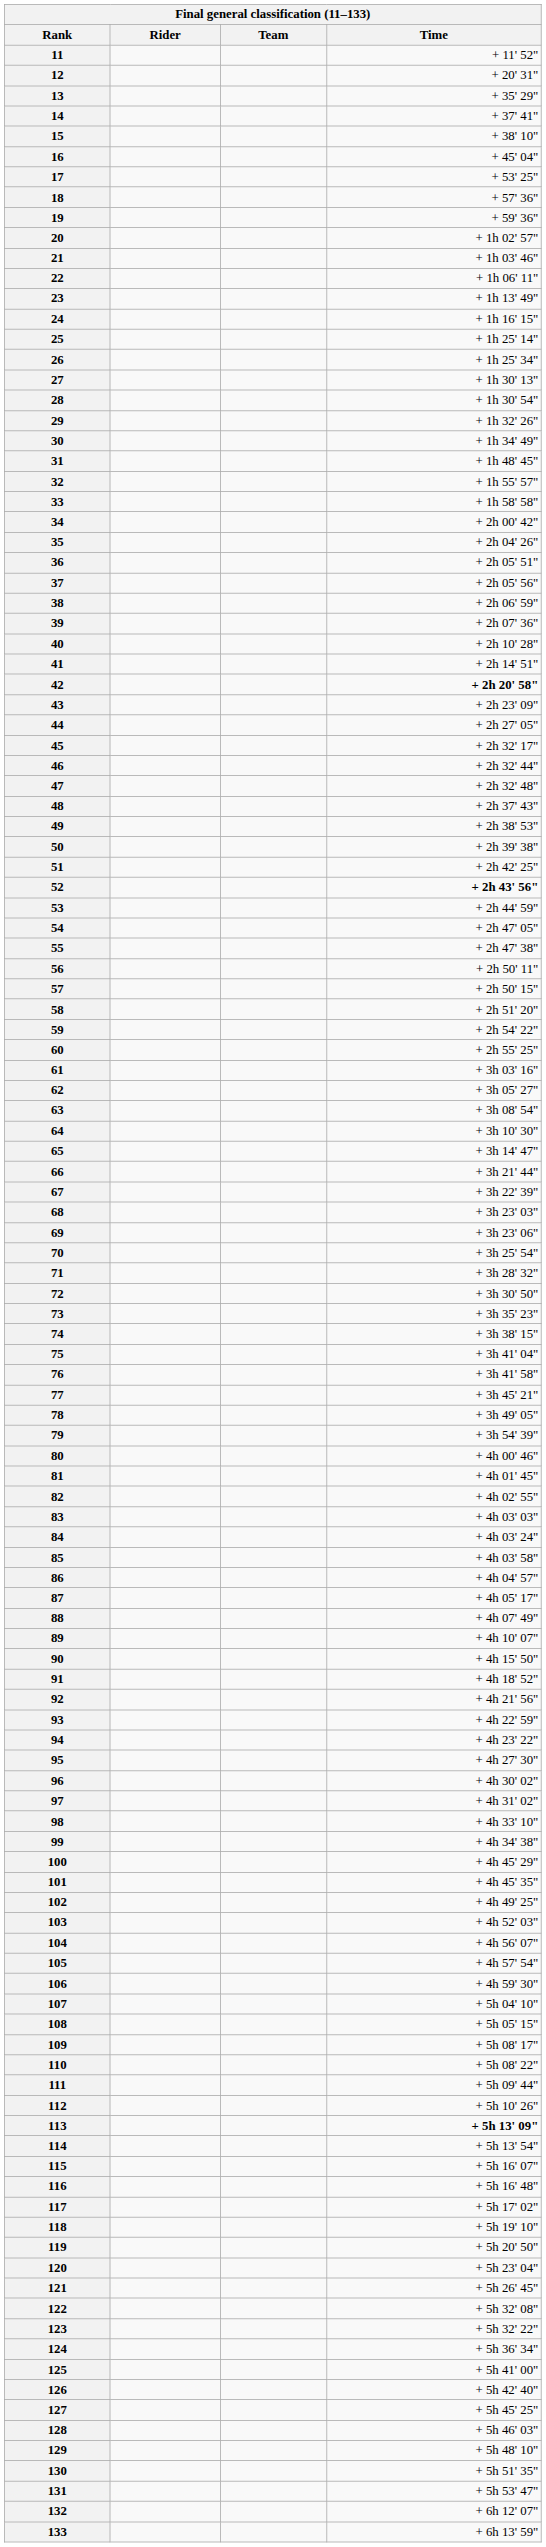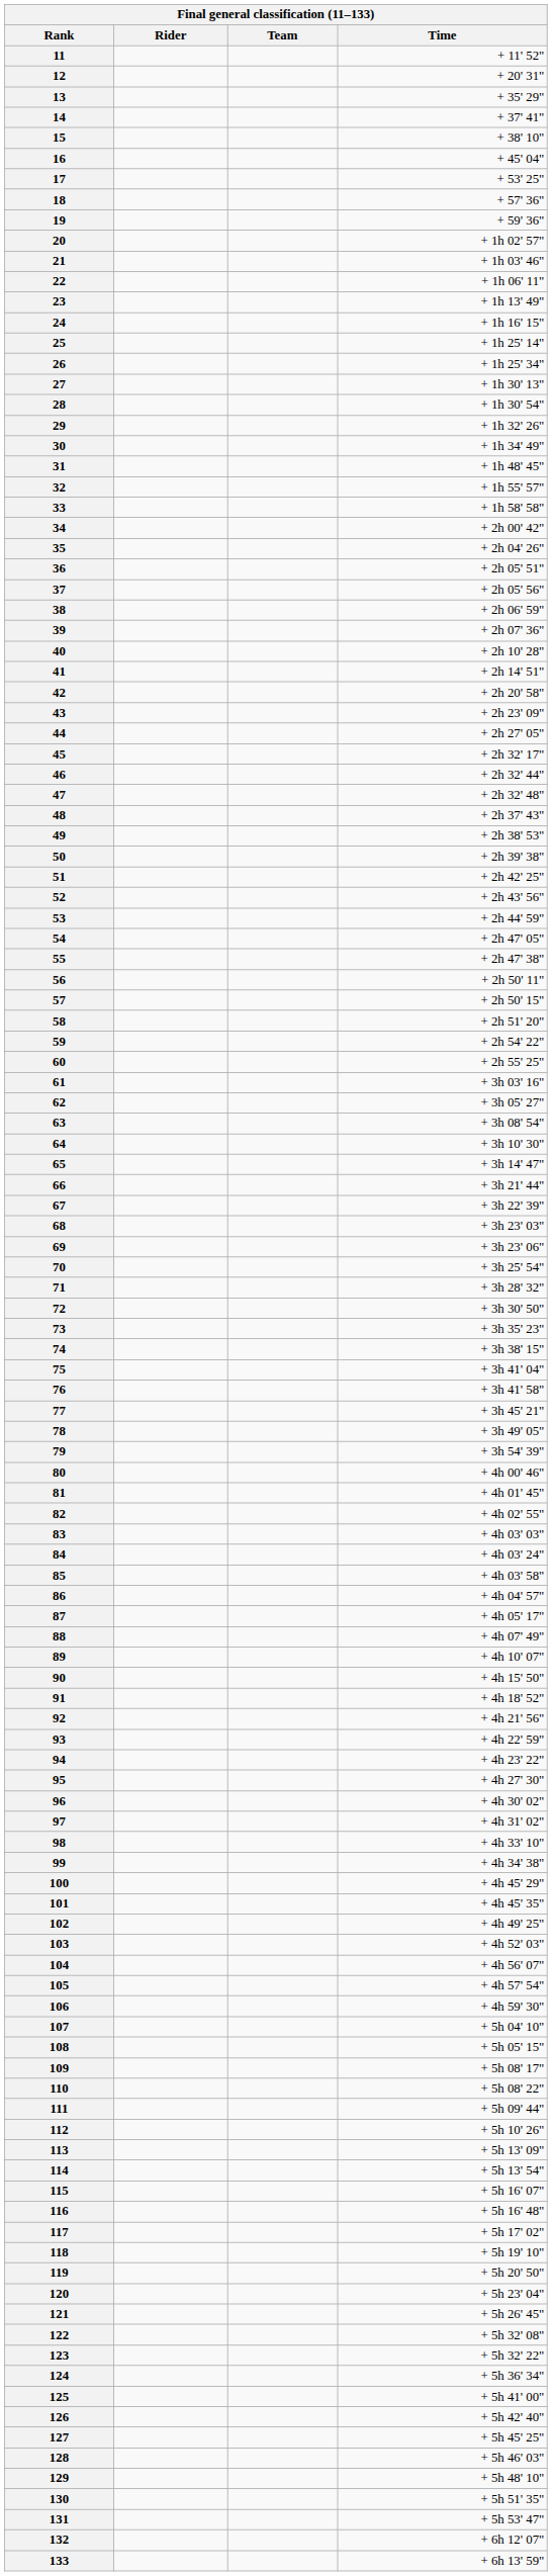 <table class="collapsible collapsed wikitable" style="width:42em;margin-top:-1px;">
 <tr>
 <th scope="col" colspan="4">Final general classification (11–133)</th>
 </tr>
 <tr>
 <th scope="col">Rank</th>
 <th scope="col">Rider</th>
 <th scope="col">Team</th>
 <th scope="col">Time</th>
 </tr>
 <tr>
 <th scope="row">11</th>
 <td></td>
 <td></td>
 <td style="text-align:right;">+ 11' 52"</td>
 </tr>
 <tr>
 <th scope="row">12</th>
 <td></td>
 <td></td>
 <td style="text-align:right;">+ 20' 31"</td>
 </tr>
 <tr>
 <th scope="row">13</th>
 <td></td>
 <td></td>
 <td style="text-align:right;">+ 35' 29"</td>
 </tr>
 <tr>
 <th scope="row">14</th>
 <td></td>
 <td></td>
 <td style="text-align:right;">+ 37' 41"</td>
 </tr>
 <tr>
 <th scope="row">15</th>
 <td></td>
 <td></td>
 <td style="text-align:right;">+ 38' 10"</td>
 </tr>
 <tr>
 <th scope="row">16</th>
 <td></td>
 <td></td>
 <td style="text-align:right;">+ 45' 04"</td>
 </tr>
 <tr>
 <th scope="row">17</th>
 <td></td>
 <td></td>
 <td style="text-align:right;">+ 53' 25"</td>
 </tr>
 <tr>
 <th scope="row">18</th>
 <td></td>
 <td></td>
 <td style="text-align:right;">+ 57' 36"</td>
 </tr>
 <tr>
 <th scope="row">19</th>
 <td></td>
 <td></td>
 <td style="text-align:right;">+ 59' 36"</td>
 </tr>
 <tr>
 <th scope="row">20</th>
 <td></td>
 <td></td>
 <td style="text-align:right;">+ 1h 02' 57"</td>
 </tr>
 <tr>
 <th scope="row">21</th>
 <td></td>
 <td></td>
 <td style="text-align:right;">+ 1h 03' 46"</td>
 </tr>
 <tr>
 <th scope="row">22</th>
 <td></td>
 <td></td>
 <td style="text-align:right;">+ 1h 06' 11"</td>
 </tr>
 <tr>
 <th scope="row">23</th>
 <td></td>
 <td></td>
 <td style="text-align:right;">+ 1h 13' 49"</td>
 </tr>
 <tr>
 <th scope="row">24</th>
 <td></td>
 <td></td>
 <td style="text-align:right;">+ 1h 16' 15"</td>
 </tr>
 <tr>
 <th scope="row">25</th>
 <td></td>
 <td></td>
 <td style="text-align:right;">+ 1h 25' 14"</td>
 </tr>
 <tr>
 <th scope="row">26</th>
 <td></td>
 <td></td>
 <td style="text-align:right;">+ 1h 25' 34"</td>
 </tr>
 <tr>
 <th scope="row">27</th>
 <td></td>
 <td></td>
 <td style="text-align:right;">+ 1h 30' 13"</td>
 </tr>
 <tr>
 <th scope="row">28</th>
 <td></td>
 <td></td>
 <td style="text-align:right;">+ 1h 30' 54"</td>
 </tr>
 <tr>
 <th scope="row">29</th>
 <td></td>
 <td></td>
 <td style="text-align:right;">+ 1h 32' 26"</td>
 </tr>
 <tr>
 <th scope="row">30</th>
 <td></td>
 <td></td>
 <td style="text-align:right;">+ 1h 34' 49"</td>
 </tr>
 <tr>
 <th scope="row">31</th>
 <td></td>
 <td></td>
 <td style="text-align:right;">+ 1h 48' 45"</td>
 </tr>
 <tr>
 <th scope="row">32</th>
 <td></td>
 <td></td>
 <td style="text-align:right;">+ 1h 55' 57"</td>
 </tr>
 <tr>
 <th scope="row">33</th>
 <td> </td>
 <td></td>
 <td style="text-align:right;">+ 1h 58' 58"</td>
 </tr>
 <tr>
 <th scope="row">34</th>
 <td></td>
 <td></td>
 <td style="text-align:right;">+ 2h 00' 42"</td>
 </tr>
 <tr>
 <th scope="row">35</th>
 <td></td>
 <td></td>
 <td style="text-align:right;">+ 2h 04' 26"</td>
 </tr>
 <tr>
 <th scope="row">36</th>
 <td></td>
 <td></td>
 <td style="text-align:right;">+ 2h 05' 51"</td>
 </tr>
 <tr>
 <th scope="row">37</th>
 <td></td>
 <td></td>
 <td style="text-align:right;">+ 2h 05' 56"</td>
 </tr>
 <tr>
 <th scope="row">38</th>
 <td></td>
 <td></td>
 <td style="text-align:right;">+ 2h 06' 59"</td>
 </tr>
 <tr>
 <th scope="row">39</th>
 <td></td>
 <td></td>
 <td style="text-align:right;">+ 2h 07' 36"</td>
 </tr>
 <tr>
 <th scope="row">40</th>
 <td></td>
 <td></td>
 <td style="text-align:right;">+ 2h 10' 28"</td>
 </tr>
 <tr>
 <th scope="row">41</th>
 <td></td>
 <td></td>
 <td style="text-align:right;">+ 2h 14' 51"</td>
 </tr>
 <tr>
 <th scope="row">42</th>
 <td></td>
 <td></td>
-<td style="text-align:right;"><strong>+ 2h 20' 58"</strong></td>
+<td style="text-align:right;">+ 2h 20' 58"</td>
 </tr>
 <tr>
 <th scope="row">43</th>
 <td></td>
 <td></td>
 <td style="text-align:right;">+ 2h 23' 09"</td>
 </tr>
 <tr>
 <th scope="row">44</th>
 <td></td>
 <td></td>
 <td style="text-align:right;">+ 2h 27' 05"</td>
 </tr>
 <tr>
 <th scope="row">45</th>
 <td></td>
 <td></td>
 <td style="text-align:right;">+ 2h 32' 17"</td>
 </tr>
 <tr>
 <th scope="row">46</th>
 <td></td>
 <td></td>
 <td style="text-align:right;">+ 2h 32' 44"</td>
 </tr>
 <tr>
 <th scope="row">47</th>
 <td></td>
 <td></td>
 <td style="text-align:right;">+ 2h 32' 48"</td>
 </tr>
 <tr>
 <th scope="row">48</th>
 <td></td>
 <td></td>
 <td style="text-align:right;">+ 2h 37' 43"</td>
 </tr>
 <tr>
 <th scope="row">49</th>
 <td></td>
 <td></td>
 <td style="text-align:right;">+ 2h 38' 53"</td>
 </tr>
 <tr>
 <th scope="row">50</th>
 <td></td>
 <td></td>
 <td style="text-align:right;">+ 2h 39' 38"</td>
 </tr>
 <tr>
 <th scope="row">51</th>
 <td></td>
 <td></td>
 <td style="text-align:right;">+ 2h 42' 25"</td>
 </tr>
 <tr>
 <th scope="row">52</th>
 <td></td>
 <td></td>
-<td style="text-align:right;"><strong>+ 2h 43' 56"</strong></td>
+<td style="text-align:right;">+ 2h 43' 56"</td>
 </tr>
 <tr>
 <th scope="row">53</th>
 <td></td>
 <td></td>
 <td style="text-align:right;">+ 2h 44' 59"</td>
 </tr>
 <tr>
 <th scope="row">54</th>
 <td></td>
 <td></td>
 <td style="text-align:right;">+ 2h 47' 05"</td>
 </tr>
 <tr>
 <th scope="row">55</th>
 <td></td>
 <td></td>
 <td style="text-align:right;">+ 2h 47' 38"</td>
 </tr>
 <tr>
 <th scope="row">56</th>
 <td></td>
 <td></td>
 <td style="text-align:right;">+ 2h 50' 11"</td>
 </tr>
 <tr>
 <th scope="row">57</th>
 <td></td>
 <td></td>
 <td style="text-align:right;">+ 2h 50' 15"</td>
 </tr>
 <tr>
 <th scope="row">58</th>
 <td></td>
 <td></td>
 <td style="text-align:right;">+ 2h 51' 20"</td>
 </tr>
 <tr>
 <th scope="row">59</th>
 <td></td>
 <td></td>
 <td style="text-align:right;">+ 2h 54' 22"</td>
 </tr>
 <tr>
 <th scope="row">60</th>
 <td></td>
 <td></td>
 <td style="text-align:right;">+ 2h 55' 25"</td>
 </tr>
 <tr>
 <th scope="row">61</th>
 <td></td>
 <td></td>
 <td style="text-align:right;">+ 3h 03' 16"</td>
 </tr>
 <tr>
 <th scope="row">62</th>
 <td></td>
 <td></td>
 <td style="text-align:right;">+ 3h 05' 27"</td>
 </tr>
 <tr>
 <th scope="row">63</th>
 <td></td>
 <td></td>
 <td style="text-align:right;">+ 3h 08' 54"</td>
 </tr>
 <tr>
 <th scope="row">64</th>
 <td></td>
 <td></td>
 <td style="text-align:right;">+ 3h 10' 30"</td>
 </tr>
 <tr>
 <th scope="row">65</th>
 <td></td>
 <td></td>
 <td style="text-align:right;">+ 3h 14' 47"</td>
 </tr>
 <tr>
 <th scope="row">66</th>
 <td></td>
 <td></td>
 <td style="text-align:right;">+ 3h 21' 44"</td>
 </tr>
 <tr>
 <th scope="row">67</th>
 <td></td>
 <td></td>
 <td style="text-align:right;">+ 3h 22' 39"</td>
 </tr>
 <tr>
 <th scope="row">68</th>
 <td></td>
 <td></td>
 <td style="text-align:right;">+ 3h 23' 03"</td>
 </tr>
 <tr>
 <th scope="row">69</th>
 <td></td>
 <td></td>
 <td style="text-align:right;">+ 3h 23' 06"</td>
 </tr>
 <tr>
 <th scope="row">70</th>
 <td></td>
 <td></td>
 <td style="text-align:right;">+ 3h 25' 54"</td>
 </tr>
 <tr>
 <th scope="row">71</th>
 <td></td>
 <td></td>
 <td style="text-align:right;">+ 3h 28' 32"</td>
 </tr>
 <tr>
 <th scope="row">72</th>
 <td></td>
 <td></td>
 <td style="text-align:right;">+ 3h 30' 50"</td>
 </tr>
 <tr>
 <th scope="row">73</th>
 <td></td>
 <td></td>
 <td style="text-align:right;">+ 3h 35' 23"</td>
 </tr>
 <tr>
 <th scope="row">74</th>
 <td></td>
 <td></td>
 <td style="text-align:right;">+ 3h 38' 15"</td>
 </tr>
 <tr>
 <th scope="row">75</th>
 <td></td>
 <td></td>
 <td style="text-align:right;">+ 3h 41' 04"</td>
 </tr>
 <tr>
 <th scope="row">76</th>
 <td></td>
 <td></td>
 <td style="text-align:right;">+ 3h 41' 58"</td>
 </tr>
 <tr>
 <th scope="row">77</th>
 <td></td>
 <td></td>
 <td style="text-align:right;">+ 3h 45' 21"</td>
 </tr>
 <tr>
 <th scope="row">78</th>
 <td></td>
 <td></td>
 <td style="text-align:right;">+ 3h 49' 05"</td>
 </tr>
 <tr>
 <th scope="row">79</th>
 <td></td>
 <td></td>
 <td style="text-align:right;">+ 3h 54' 39"</td>
 </tr>
 <tr>
 <th scope="row">80</th>
 <td></td>
 <td></td>
 <td style="text-align:right;">+ 4h 00' 46"</td>
 </tr>
 <tr>
 <th scope="row">81</th>
 <td></td>
 <td></td>
 <td style="text-align:right;">+ 4h 01' 45"</td>
 </tr>
 <tr>
 <th scope="row">82</th>
 <td></td>
 <td></td>
 <td style="text-align:right;">+ 4h 02' 55"</td>
 </tr>
 <tr>
 <th scope="row">83</th>
 <td></td>
 <td></td>
 <td style="text-align:right;">+ 4h 03' 03"</td>
 </tr>
 <tr>
 <th scope="row">84</th>
 <td></td>
 <td></td>
 <td style="text-align:right;">+ 4h 03' 24"</td>
 </tr>
 <tr>
 <th scope="row">85</th>
 <td></td>
 <td></td>
 <td style="text-align:right;">+ 4h 03' 58"</td>
 </tr>
 <tr>
 <th scope="row">86</th>
 <td></td>
 <td></td>
 <td style="text-align:right;">+ 4h 04' 57"</td>
 </tr>
 <tr>
 <th scope="row">87</th>
 <td></td>
 <td></td>
 <td style="text-align:right;">+ 4h 05' 17"</td>
 </tr>
 <tr>
 <th scope="row">88</th>
 <td></td>
 <td></td>
 <td style="text-align:right;">+ 4h 07' 49"</td>
 </tr>
 <tr>
 <th scope="row">89</th>
 <td></td>
 <td></td>
 <td style="text-align:right;">+ 4h 10' 07"</td>
 </tr>
 <tr>
 <th scope="row">90</th>
 <td></td>
 <td></td>
 <td style="text-align:right;">+ 4h 15' 50"</td>
 </tr>
 <tr>
 <th scope="row">91</th>
 <td></td>
 <td></td>
 <td style="text-align:right;">+ 4h 18' 52"</td>
 </tr>
 <tr>
 <th scope="row">92</th>
 <td></td>
 <td></td>
 <td style="text-align:right;">+ 4h 21' 56"</td>
 </tr>
 <tr>
 <th scope="row">93</th>
 <td></td>
 <td></td>
 <td style="text-align:right;">+ 4h 22' 59"</td>
 </tr>
 <tr>
 <th scope="row">94</th>
 <td></td>
 <td></td>
 <td style="text-align:right;">+ 4h 23' 22"</td>
 </tr>
 <tr>
 <th scope="row">95</th>
 <td></td>
 <td></td>
 <td style="text-align:right;">+ 4h 27' 30"</td>
 </tr>
 <tr>
 <th scope="row">96</th>
 <td></td>
 <td></td>
 <td style="text-align:right;">+ 4h 30' 02"</td>
 </tr>
 <tr>
 <th scope="row">97</th>
 <td></td>
 <td></td>
 <td style="text-align:right;">+ 4h 31' 02"</td>
 </tr>
 <tr>
 <th scope="row">98</th>
 <td></td>
 <td></td>
 <td style="text-align:right;">+ 4h 33' 10"</td>
 </tr>
 <tr>
 <th scope="row">99</th>
 <td></td>
 <td></td>
 <td style="text-align:right;">+ 4h 34' 38"</td>
 </tr>
 <tr>
 <th scope="row">100</th>
 <td></td>
 <td></td>
 <td style="text-align:right;">+ 4h 45' 29"</td>
 </tr>
 <tr>
 <th scope="row">101</th>
 <td></td>
 <td></td>
 <td style="text-align:right;">+ 4h 45' 35"</td>
 </tr>
 <tr>
 <th scope="row">102</th>
 <td></td>
 <td></td>
 <td style="text-align:right;">+ 4h 49' 25"</td>
 </tr>
 <tr>
 <th scope="row">103</th>
 <td></td>
 <td></td>
 <td style="text-align:right;">+ 4h 52' 03"</td>
 </tr>
 <tr>
 <th scope="row">104</th>
 <td></td>
 <td></td>
 <td style="text-align:right;">+ 4h 56' 07"</td>
 </tr>
 <tr>
 <th scope="row">105</th>
 <td></td>
 <td></td>
 <td style="text-align:right;">+ 4h 57' 54"</td>
 </tr>
 <tr>
 <th scope="row">106</th>
 <td></td>
 <td></td>
 <td style="text-align:right;">+ 4h 59' 30"</td>
 </tr>
 <tr>
 <th scope="row">107</th>
 <td></td>
 <td></td>
 <td style="text-align:right;">+ 5h 04' 10"</td>
 </tr>
 <tr>
 <th scope="row">108</th>
 <td></td>
 <td></td>
 <td style="text-align:right;">+ 5h 05' 15"</td>
 </tr>
 <tr>
 <th scope="row">109</th>
 <td></td>
 <td></td>
 <td style="text-align:right;">+ 5h 08' 17"</td>
 </tr>
 <tr>
 <th scope="row">110</th>
 <td></td>
 <td></td>
 <td style="text-align:right;">+ 5h 08' 22"</td>
 </tr>
 <tr>
 <th scope="row">111</th>
 <td></td>
 <td></td>
 <td style="text-align:right;">+ 5h 09' 44"</td>
 </tr>
 <tr>
 <th scope="row">112</th>
 <td></td>
 <td></td>
 <td style="text-align:right;">+ 5h 10' 26"</td>
 </tr>
 <tr>
 <th scope="row">113</th>
 <td></td>
 <td></td>
-<td style="text-align:right;"><strong>+ 5h 13' 09"</strong></td>
+<td style="text-align:right;">+ 5h 13' 09"</td>
 </tr>
 <tr>
 <th scope="row">114</th>
 <td></td>
 <td></td>
 <td style="text-align:right;">+ 5h 13' 54"</td>
 </tr>
 <tr>
 <th scope="row">115</th>
 <td></td>
 <td></td>
 <td style="text-align:right;">+ 5h 16' 07"</td>
 </tr>
 <tr>
 <th scope="row">116</th>
 <td></td>
 <td></td>
 <td style="text-align:right;">+ 5h 16' 48"</td>
 </tr>
 <tr>
 <th scope="row">117</th>
 <td></td>
 <td></td>
 <td style="text-align:right;">+ 5h 17' 02"</td>
 </tr>
 <tr>
 <th scope="row">118</th>
 <td></td>
 <td></td>
 <td style="text-align:right;">+ 5h 19' 10"</td>
 </tr>
 <tr>
 <th scope="row">119</th>
 <td></td>
 <td></td>
 <td style="text-align:right;">+ 5h 20' 50"</td>
 </tr>
 <tr>
 <th scope="row">120</th>
 <td></td>
 <td></td>
 <td style="text-align:right;">+ 5h 23' 04"</td>
 </tr>
 <tr>
 <th scope="row">121</th>
 <td> </td>
 <td></td>
 <td style="text-align:right;">+ 5h 26' 45"</td>
 </tr>
 <tr>
 <th scope="row">122</th>
 <td></td>
 <td></td>
 <td style="text-align:right;">+ 5h 32' 08"</td>
 </tr>
 <tr>
 <th scope="row">123</th>
 <td></td>
 <td></td>
 <td style="text-align:right;">+ 5h 32' 22"</td>
 </tr>
 <tr>
 <th scope="row">124</th>
 <td></td>
 <td></td>
 <td style="text-align:right;">+ 5h 36' 34"</td>
 </tr>
 <tr>
 <th scope="row">125</th>
 <td></td>
 <td></td>
 <td style="text-align:right;">+ 5h 41' 00"</td>
 </tr>
 <tr>
 <th scope="row">126</th>
 <td></td>
 <td></td>
 <td style="text-align:right;">+ 5h 42' 40"</td>
 </tr>
 <tr>
 <th scope="row">127</th>
 <td></td>
 <td></td>
 <td style="text-align:right;">+ 5h 45' 25"</td>
 </tr>
 <tr>
 <th scope="row">128</th>
 <td></td>
 <td></td>
 <td style="text-align:right;">+ 5h 46' 03"</td>
 </tr>
 <tr>
 <th scope="row">129</th>
 <td></td>
 <td></td>
 <td style="text-align:right;">+ 5h 48' 10"</td>
 </tr>
 <tr>
 <th scope="row">130</th>
 <td></td>
 <td></td>
 <td style="text-align:right;">+ 5h 51' 35"</td>
 </tr>
 <tr>
 <th scope="row">131</th>
 <td></td>
 <td></td>
 <td style="text-align:right;">+ 5h 53' 47"</td>
 </tr>
 <tr>
 <th scope="row">132</th>
 <td></td>
 <td></td>
 <td style="text-align:right;">+ 6h 12' 07"</td>
 </tr>
 <tr>
 <th scope="row">133</th>
 <td></td>
 <td></td>
 <td style="text-align:right;">+ 6h 13' 59"</td>
 </tr>
 </table>
